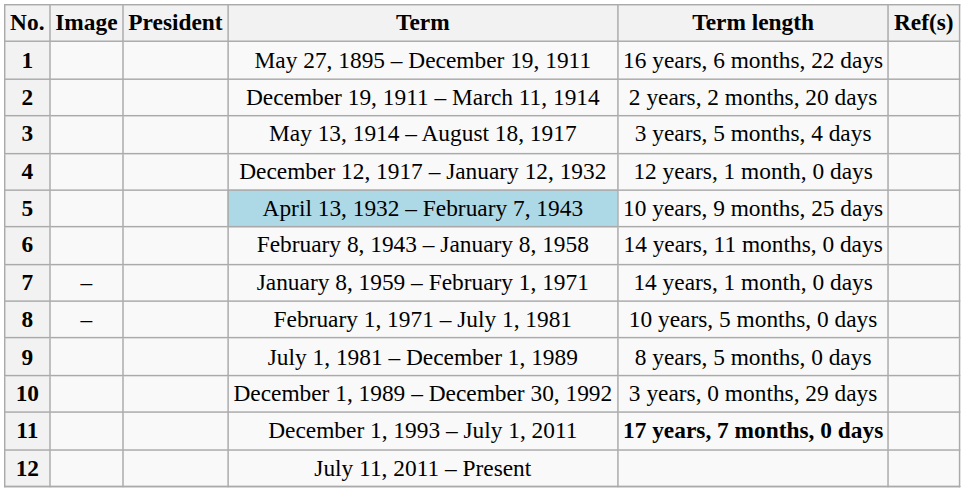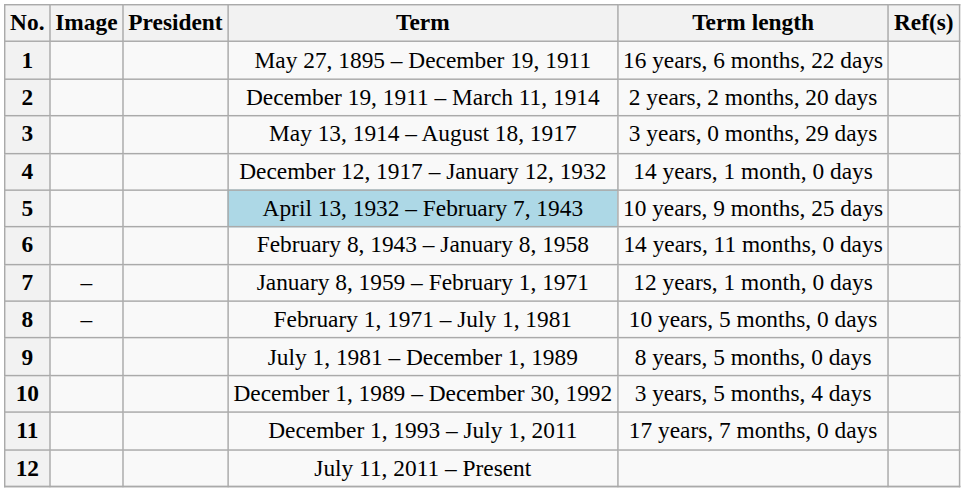 <table class="wikitable sortable" style="text-align:center;" summary= "the first column is the number of the president (in chronological order). The second is an image of the president. The third is the name of the president. The fourth is the term the president served. The fifth is the length of the term. The sixth is the reference(s) supporting the information.">
 <tr>
 <th scope="col">No.</th>
 <th scope="col">Image</th>
 <th scope="col">President</th>
 <th scope="col">Term</th>
 <th scope="col" data-sort-type="number">Term length</th>
 <th scope="col" class="unsortable">Ref(s)</th>
 </tr>
 <tr>
 <th scope="row">1</th>
 <td></td>
 <td style="text-align:left;"></td>
 <td>May 27, 1895 – December 19, 1911</td>
 <td>16 years, 6 months, 22 days</td>
 <td></td>
 </tr>
 <tr>
 <th scope="row">2</th>
 <td></td>
 <td style="text-align:left;"></td>
 <td>December 19, 1911 – March 11, 1914</td>
 <td>2 years, 2 months, 20 days</td>
 <td></td>
 </tr>
 <tr>
 <th scope="row">3</th>
 <td></td>
 <td style="text-align:left;"></td>
 <td>May 13, 1914 – August 18, 1917</td>
-<td>3 years, 5 months, 4 days</td>
+<td>3 years, 0 months, 29 days</td>
 <td></td>
 </tr>
 <tr>
 <th scope="row">4</th>
 <td></td>
 <td style="text-align:left;"></td>
 <td>December 12, 1917 – January 12, 1932</td>
-<td>12 years, 1 month, 0 days</td>
+<td>14 years, 1 month, 0 days</td>
 <td></td>
 </tr>
 <tr>
 <th scope="row">5</th>
 <td></td>
 <td style="text-align:left;"></td>
 <td style="background: lightblue;">April 13, 1932 – February 7, 1943</td>
 <td>10 years, 9 months, 25 days</td>
 <td></td>
 </tr>
 <tr>
 <th scope="row">6</th>
 <td></td>
 <td style="text-align:left;"></td>
 <td>February 8, 1943 – January 8, 1958</td>
 <td>14 years, 11 months, 0 days</td>
 <td></td>
 </tr>
 <tr>
 <th scope="row">7</th>
 <td>–</td>
 <td style="text-align:left;"></td>
 <td>January 8, 1959 – February 1, 1971</td>
-<td>14 years, 1 month, 0 days</td>
+<td>12 years, 1 month, 0 days</td>
 <td></td>
 </tr>
 <tr>
 <th scope="row">8</th>
 <td>–</td>
 <td style="text-align:left;"></td>
 <td>February 1, 1971 – July 1, 1981</td>
 <td>10 years, 5 months, 0 days</td>
 <td></td>
 </tr>
 <tr>
 <th scope="row">9</th>
 <td></td>
 <td style="text-align:left;"></td>
 <td>July 1, 1981 – December 1, 1989</td>
 <td>8 years, 5 months, 0 days</td>
 <td></td>
 </tr>
 <tr>
 <th scope="row">10</th>
 <td></td>
 <td style="text-align:left;"></td>
 <td>December 1, 1989 – December 30, 1992</td>
-<td>3 years, 0 months, 29 days</td>
+<td>3 years, 5 months, 4 days</td>
 <td></td>
 </tr>
 <tr>
 <th scope="row">11</th>
 <td></td>
 <td style="text-align:left;"></td>
 <td>December 1, 1993 – July 1, 2011</td>
-<td><strong>17 years, 7 months, 0 days</strong></td>
+<td>17 years, 7 months, 0 days</td>
 <td></td>
 </tr>
 <tr>
 <th scope="row">12</th>
 <td></td>
 <td style="text-align:left;"></td>
 <td>July 11, 2011 – Present</td>
 <td></td>
 <td></td>
 </tr>
 <tr>
 </tr>
 </table>
